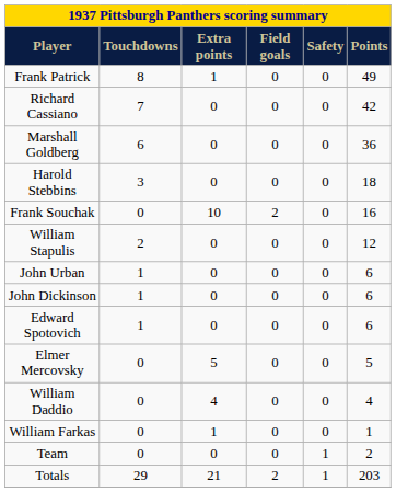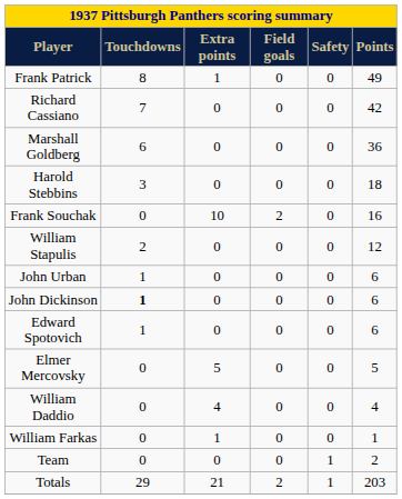 <table class="wikitable" width="35%">
 <tr>
 <th colspan="10" style="background:gold; color:darkblue; text-align: center;"><strong>1937 Pittsburgh Panthers scoring summary</strong></th>
 </tr>
 <tr align="center"  style="background:#091C44;color:#CEC499;">
 <td><strong>Player</strong></td>
 <td><strong>Touchdowns</strong></td>
 <td><strong>Extra points</strong></td>
 <td><strong>Field goals</strong></td>
 <td><strong>Safety</strong></td>
 <td><strong>Points</strong></td>
 </tr>
 <tr align="center" bgcolor="">
 <td>Frank Patrick</td>
 <td>8</td>
 <td>1</td>
 <td>0</td>
 <td>0</td>
 <td>49</td>
 </tr>
 <tr align="center" bgcolor="">
 <td>Richard Cassiano</td>
 <td>7</td>
 <td>0</td>
 <td>0</td>
 <td>0</td>
 <td>42</td>
 </tr>
 <tr align="center" bgcolor="">
 <td>Marshall Goldberg</td>
 <td>6</td>
 <td>0</td>
 <td>0</td>
 <td>0</td>
 <td>36</td>
 </tr>
 <tr align="center" bgcolor="">
 <td>Harold Stebbins</td>
 <td>3</td>
 <td>0</td>
 <td>0</td>
 <td>0</td>
 <td>18</td>
 </tr>
 <tr align="center" bgcolor="">
 <td>Frank Souchak</td>
 <td>0</td>
 <td>10</td>
 <td>2</td>
 <td>0</td>
 <td>16</td>
 </tr>
 <tr align="center" bgcolor="">
 <td>William Stapulis</td>
 <td>2</td>
 <td>0</td>
 <td>0</td>
 <td>0</td>
 <td>12</td>
 </tr>
 <tr align="center" bgcolor="">
 <td>John Urban</td>
 <td>1</td>
 <td>0</td>
 <td>0</td>
 <td>0</td>
 <td>6</td>
 </tr>
 <tr align="center" bgcolor="">
 <td>John Dickinson</td>
-<td>1</td>
+<td><strong>1</strong></td>
 <td>0</td>
 <td>0</td>
 <td>0</td>
 <td>6</td>
 </tr>
 <tr align="center" bgcolor="">
 <td>Edward Spotovich</td>
 <td>1</td>
 <td>0</td>
 <td>0</td>
 <td>0</td>
 <td>6</td>
 </tr>
 <tr align="center" bgcolor="">
 <td>Elmer Mercovsky</td>
 <td>0</td>
 <td>5</td>
 <td>0</td>
 <td>0</td>
 <td>5</td>
 </tr>
 <tr align="center" bgcolor="">
 <td>William Daddio</td>
 <td>0</td>
 <td>4</td>
 <td>0</td>
 <td>0</td>
 <td>4</td>
 </tr>
 <tr align="center" bgcolor="">
 <td>William Farkas</td>
 <td>0</td>
 <td>1</td>
 <td>0</td>
 <td>0</td>
 <td>1</td>
 </tr>
 <tr align="center" bgcolor="">
 <td>Team</td>
 <td>0</td>
 <td>0</td>
 <td>0</td>
 <td>1</td>
 <td>2</td>
 </tr>
 <tr align="center" bgcolor="">
 <td>Totals</td>
 <td>29</td>
 <td>21</td>
 <td>2</td>
 <td>1</td>
 <td>203</td>
 </tr>
 <tr align="center" bgcolor="">
 </tr>
 </table>
